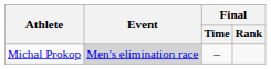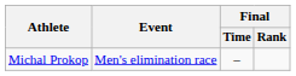 <table class="wikitable" style="font-size:90%;text-align:center">
 <tr>
 <th rowspan="2">Athlete</th>
 <th rowspan="2">Event</th>
 <th colspan="2">Final</th>
 </tr>
 <tr style="font-size:95%">
 <th>Time</th>
 <th>Rank</th>
 </tr>
 <tr>
 <td align="left"><a href='#'>Michal Prokop</a></td>
-<td align="left" style="background: lightgrey;"><a href='#'>Men's elimination race</a></td>
+<td align="left"><a href='#'>Men's elimination race</a></td>
 <td>–</td>
 <td></td>
 </tr>
 </table>
